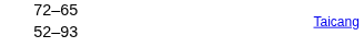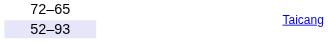 <table style="text-align:center">
 <tr>
 <th width=200></th>
 <th width=100></th>
 <th width=200></th>
 <th></th>
 </tr>
 <tr>
 <td align=right><strong></strong></td>
 <td>72–65</td>
 <td align=left></td>
 <td align=left rowspan=2><small><a href='#'>Taicang</a></small></td>
 </tr>
 <tr>
 <td align=right></td>
-<td>52–93</td>
+<td style="background: lavender;">52–93</td>
 <td align=left><strong></strong></td>
 </tr>
 </table>
